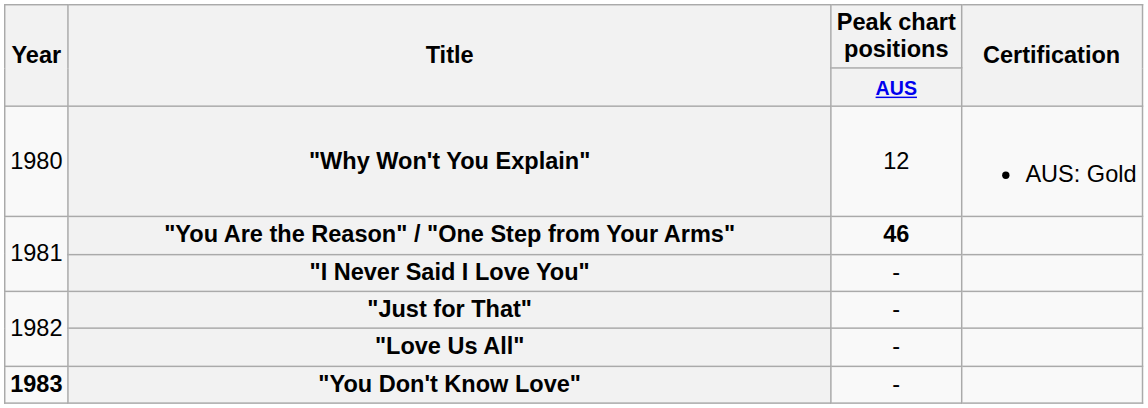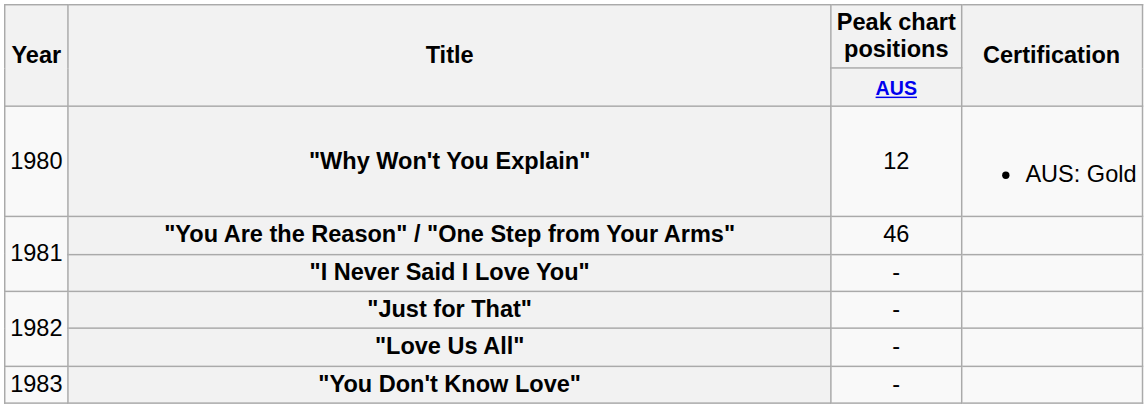 <table class="wikitable plainrowheaders" style="text-align:center;" border="1">
 <tr>
 <th scope="col" rowspan="2">Year</th>
 <th scope="col" rowspan="2" style="width:32em;">Title</th>
 <th scope="col" colspan="1">Peak chart<br>positions</th>
 <th scope="col" rowspan="2">Certification</th>
 </tr>
 <tr>
 <th scope="col" style="text-align:center;"><small><a href='#'>AUS</a></small><br></th>
 </tr>
 <tr>
 <td>1980</td>
 <th scope="row">"Why Won't You Explain"</th>
 <td style="text-align:center;">12</td>
 <td><br><ul><li>AUS: Gold</li></ul></td>
 </tr>
 <tr>
 <td rowspan="2">1981</td>
 <th scope="row">"You Are the Reason" / "One Step from Your Arms"</th>
-<td style="text-align:center;"><strong>46</strong></td>
+<td style="text-align:center;">46</td>
 <td></td>
 </tr>
 <tr>
 <th scope="row">"I Never Said I Love You"</th>
 <td style="text-align:center;">-</td>
 <td></td>
 </tr>
 <tr>
 <td rowspan="2">1982</td>
 <th scope="row">"Just for That"</th>
 <td style="text-align:center;">-</td>
 <td></td>
 </tr>
 <tr>
 <th scope="row">"Love Us All"</th>
 <td style="text-align:center;">-</td>
 <td></td>
 </tr>
 <tr>
-<td><strong>1983</strong></td>
+<td>1983</td>
 <th scope="row">"You Don't Know Love"</th>
 <td style="text-align:center;">-</td>
 <td></td>
 </tr>
 </table>
